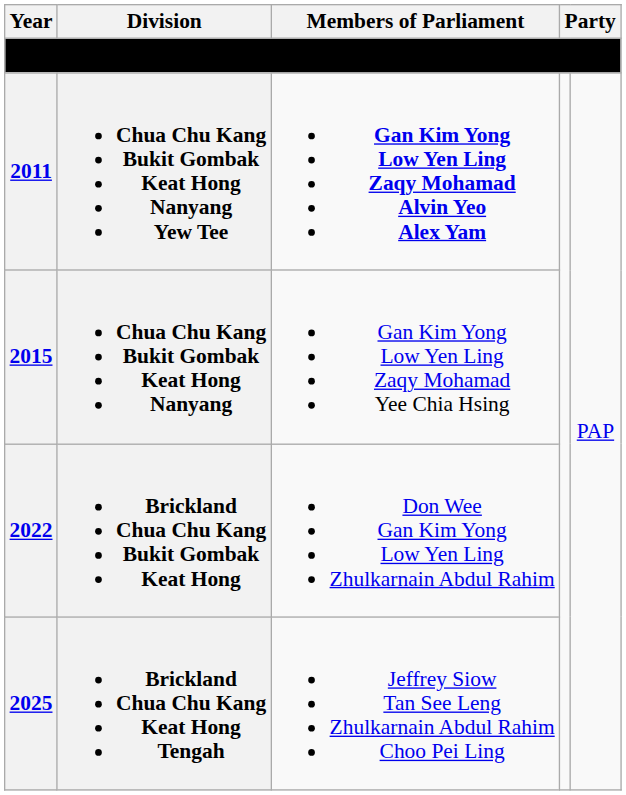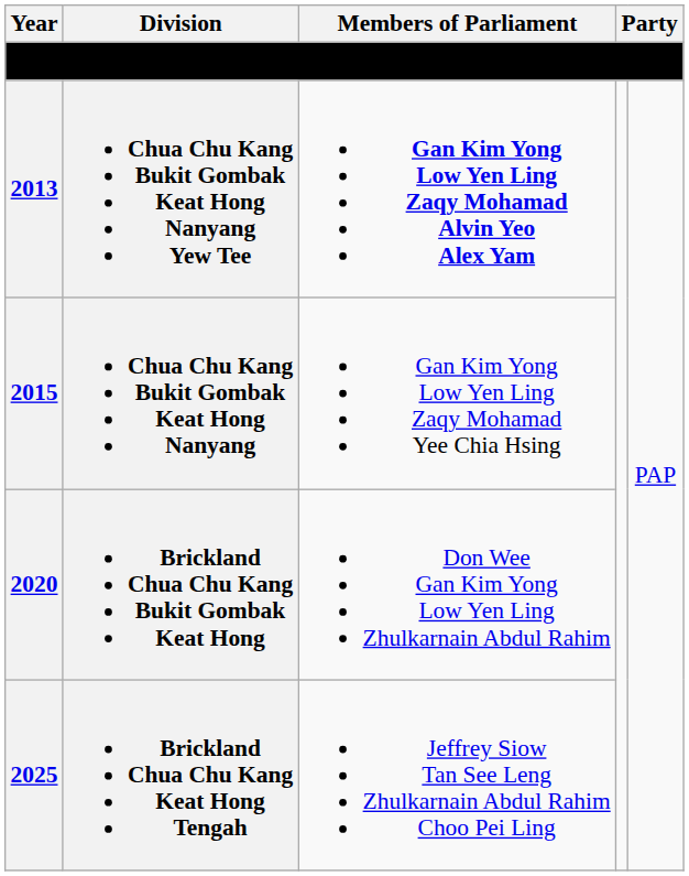 <table class="wikitable" align="center" style="text-align:center">
 <tr>
 <th>Year</th>
 <th>Division</th>
 <th>Members of Parliament</th>
 <th colspan="2">Party</th>
 </tr>
 <tr>
 <td colspan="5" bgcolor="black"><span><strong>Formation</strong></span></td>
 </tr>
 <tr>
-<th><a href='#'>2011</a></th>
+<th><a href='#'>2013</a></th>
 <th><br><ul><li>Chua Chu Kang</li><li>Bukit Gombak</li><li>Keat Hong</li><li>Nanyang</li><li>Yew Tee</li></ul></th>
 <td><strong><br><ul><li><a href='#'>Gan Kim Yong</a></li><li><a href='#'>Low Yen Ling</a></li><li><a href='#'>Zaqy Mohamad</a></li><li><a href='#'>Alvin Yeo</a></li><li><a href='#'>Alex Yam</a></li></ul></strong></td>
 <td rowspan="4"></td>
 <td rowspan="4"><a href='#'>PAP</a></td>
 </tr>
 <tr>
 <th><a href='#'>2015</a></th>
 <th><br><ul><li>Chua Chu Kang</li><li>Bukit Gombak</li><li>Keat Hong</li><li>Nanyang</li></ul></th>
 <td><br><ul><li><a href='#'>Gan Kim Yong</a></li><li><a href='#'>Low Yen Ling</a></li><li><a href='#'>Zaqy Mohamad</a></li><li>Yee Chia Hsing</li></ul></td>
 </tr>
 <tr>
-<th><a href='#'>2022</a></th>
+<th><a href='#'>2020</a></th>
 <th><br><ul><li>Brickland</li><li>Chua Chu Kang</li><li>Bukit Gombak</li><li>Keat Hong</li></ul></th>
 <td><br><ul><li><a href='#'>Don Wee</a></li><li><a href='#'>Gan Kim Yong</a></li><li><a href='#'>Low Yen Ling</a></li><li><a href='#'>Zhulkarnain Abdul Rahim</a></li></ul></td>
 </tr>
 <tr>
 <th><a href='#'>2025</a></th>
 <th><br><ul><li>Brickland</li><li>Chua Chu Kang</li><li>Keat Hong</li><li>Tengah</li></ul></th>
 <td><br><ul><li><a href='#'>Jeffrey Siow</a></li><li><a href='#'>Tan See Leng</a></li><li><a href='#'>Zhulkarnain Abdul Rahim</a></li><li><a href='#'>Choo Pei Ling</a></li></ul></td>
 </tr>
 </table>
